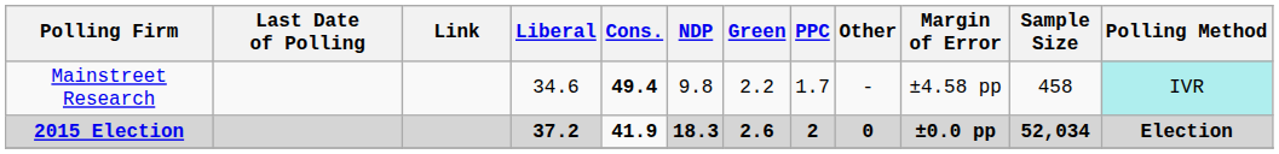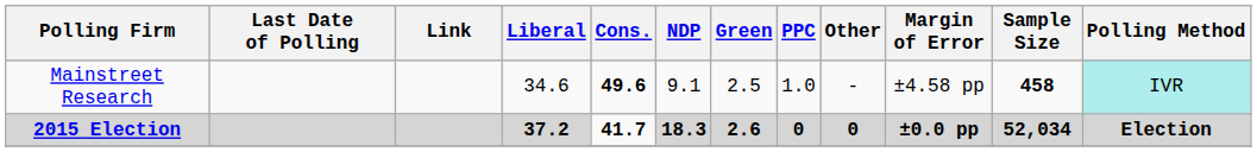 <table class="wikitable sortable" style="text-align:center;font-size:90%;line-height:14px;">
 <tr style="background:#e9e9e9;">
 <th style="width:120px">Polling Firm</th>
 <th style="width:110px">Last Date<br>of Polling</th>
 <th style="width:60px" class="unsortable">Link</th>
 <th style="background-color:"><strong><a href='#'>Liberal</a></strong></th>
 <th style="background-color:"><strong><a href='#'>Cons.</a></strong></th>
 <th style="background-color:"><strong><a href='#'>NDP</a></strong></th>
 <th style="background-color:"><strong><a href='#'>Green</a></strong></th>
 <th style="background-color:"><strong><a href='#'>PPC</a></strong></th>
 <th style="background-color:"><strong>Other</strong></th>
 <th style="width:60px;" class="unsortable">Margin<br>of Error</th>
 <th style="width:50px;" class="unsortable">Sample<br>Size</th>
 <th class="unsortable">Polling Method</th>
 </tr>
 <tr>
 <td><a href='#'>Mainstreet Research</a></td>
 <td></td>
 <td></td>
 <td>34.6</td>
-<td><strong>49.4</strong></td>
-<td>9.8</td>
-<td>2.2</td>
-<td>1.7</td>
+<td><strong>49.6</strong></td>
+<td>9.1</td>
+<td>2.5</td>
+<td>1.0</td>
 <td>-</td>
 <td>±4.58 pp</td>
-<td>458</td>
+<td><strong>458</strong></td>
 <td style="background: paleturquoise;">IVR</td>
 </tr>
 <tr>
 <td style="background:#D5D5D5"><strong><a href='#'>2015 Election</a></strong></td>
 <td style="background:#D5D5D5"><strong></strong></td>
 <td style="background:#D5D5D5"></td>
 <td style="background:#D5D5D5"><strong>37.2</strong></td>
-<td><strong>41.9</strong></td>
+<td><strong>41.7</strong></td>
 <td style="background:#D5D5D5"><strong>18.3</strong></td>
 <td style="background:#D5D5D5"><strong>2.6</strong></td>
-<td style="background:#D5D5D5"><strong>2</strong></td>
+<td style="background:#D5D5D5"><strong>0</strong></td>
 <td style="background:#D5D5D5"><strong>0</strong></td>
 <td style="background:#D5D5D5"><strong>±0.0 pp</strong></td>
 <td style="background:#D5D5D5"><strong>52,034</strong></td>
 <td style="background:#D5D5D5"><strong>Election</strong></td>
 </tr>
 <tr>
 </tr>
 <tr>
 </tr>
 </table>
